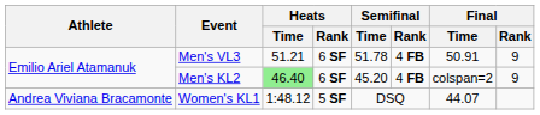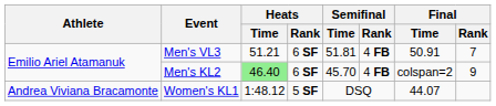 <table class="wikitable" style="font-size:90%">
 <tr>
 <th rowspan="2">Athlete</th>
 <th rowspan="2">Event</th>
 <th colspan="2">Heats</th>
 <th colspan="2">Semifinal</th>
 <th colspan="2">Final</th>
 </tr>
 <tr>
 <th>Time</th>
 <th>Rank</th>
 <th>Time</th>
 <th>Rank</th>
 <th>Time</th>
 <th>Rank</th>
 </tr>
 <tr align=center>
 <td rowspan="2" align="left"><a href='#'>Emilio Ariel Atamanuk</a></td>
 <td align=left><a href='#'>Men's VL3</a></td>
 <td>51.21</td>
 <td>6 <strong>SF</strong></td>
-<td>51.78</td>
+<td>51.81</td>
 <td>4 <strong>FB</strong></td>
 <td>50.91</td>
-<td>9</td>
+<td>7</td>
 </tr>
 <tr align=center>
 <td align=left><a href='#'>Men's KL2</a></td>
 <td style="background: lightgreen;">46.40</td>
 <td>6 <strong>SF</strong></td>
-<td>45.20</td>
+<td>45.70</td>
 <td>4 <strong>FB</strong></td>
 <td>colspan=2 </td>
 <td>9</td>
 </tr>
 <tr align=center>
 <td align=left><a href='#'>Andrea Viviana Bracamonte</a></td>
 <td align=left><a href='#'>Women's KL1</a></td>
 <td>1:48.12</td>
 <td>5 <strong>SF</strong></td>
 <td colspan=2>DSQ</td>
 <td>44.07</td>
 </tr>
 </table>
